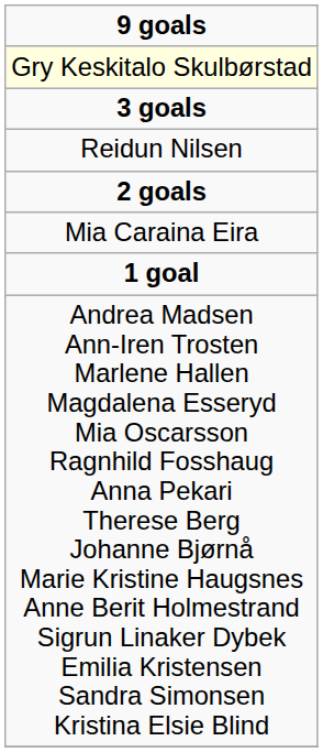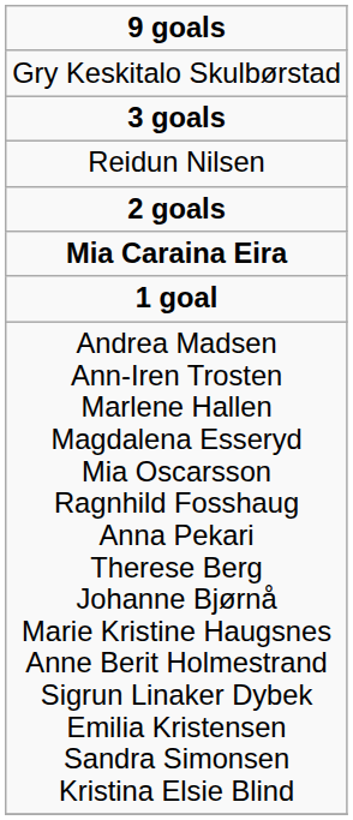 <table class="wikitable centre alternance sortable" style="text-align:center;">
 <tr>
 <td align="center" colspan=2><strong>9 goals</strong></td>
 </tr>
 <tr>
-<td style="background: lightyellow;">Gry Keskitalo Skulbørstad</td>
+<td>Gry Keskitalo Skulbørstad</td>
 </tr>
 <tr>
 <td align="center" colspan=2><strong>3 goals</strong></td>
 </tr>
 <tr>
 <td>Reidun Nilsen</td>
 </tr>
 <tr>
 <td align="center" colspan=2><strong>2 goals</strong></td>
 </tr>
 <tr>
-<td>Mia Caraina Eira</td>
+<td><strong>Mia Caraina Eira</strong></td>
 </tr>
 <tr>
 <td align="center" colspan=2><strong>1 goal</strong></td>
 </tr>
 <tr>
 <td>Andrea Madsen<br>Ann-Iren Trosten<br>Marlene Hallen<br>Magdalena Esseryd<br>Mia Oscarsson<br>Ragnhild Fosshaug<br>Anna Pekari<br>Therese Berg<br>Johanne Bjørnå<br>Marie Kristine Haugsnes<br>Anne Berit Holmestrand<br>Sigrun Linaker Dybek<br>Emilia Kristensen<br>Sandra Simonsen<br>Kristina Elsie Blind</td>
 </tr>
 <tr>
 </tr>
 </table>
